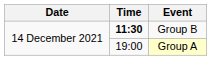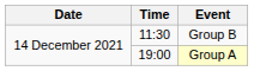 <table class = "wikitable" style="text-align:center;">
 <tr>
 <th width=150>Date</th>
 <th width=50>Time</th>
 <th width=80>Event</th>
 </tr>
 <tr>
 <td rowspan=2>14 December 2021</td>
-<td><strong>11:30</strong></td>
+<td>11:30</td>
 <td>Group B</td>
 </tr>
 <tr>
 <td>19:00</td>
 <td bgcolor=ffffcc>Group A</td>
 </tr>
 </table>
